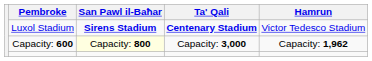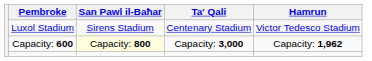 <table class="wikitable" style="text-align:center">
 <tr>
 <th rowspan="4"></th>
 <th><a href='#'>Pembroke</a></th>
 <th><a href='#'>San Pawl il-Baħar</a></th>
 <th><a href='#'>Ta' Qali</a></th>
 <th><a href='#'>Hamrun</a></th>
 </tr>
 <tr>
 <td><a href='#'>Luxol Stadium</a></td>
-<td><strong><a href='#'>Sirens Stadium</a></strong></td>
-<td><strong><a href='#'>Centenary Stadium</a></strong></td>
+<td><a href='#'>Sirens Stadium</a></td>
+<td><a href='#'>Centenary Stadium</a></td>
 <td><a href='#'>Victor Tedesco Stadium</a></td>
 </tr>
 <tr>
 <td>Capacity: <strong>600</strong></td>
 <td style="background: lightyellow;">Capacity: <strong>800</strong></td>
 <td>Capacity: <strong>3,000</strong></td>
 <td>Capacity: <strong>1,962</strong></td>
 </tr>
 <tr>
 <td></td>
 <td></td>
 <td></td>
 <td></td>
 </tr>
 </table>
